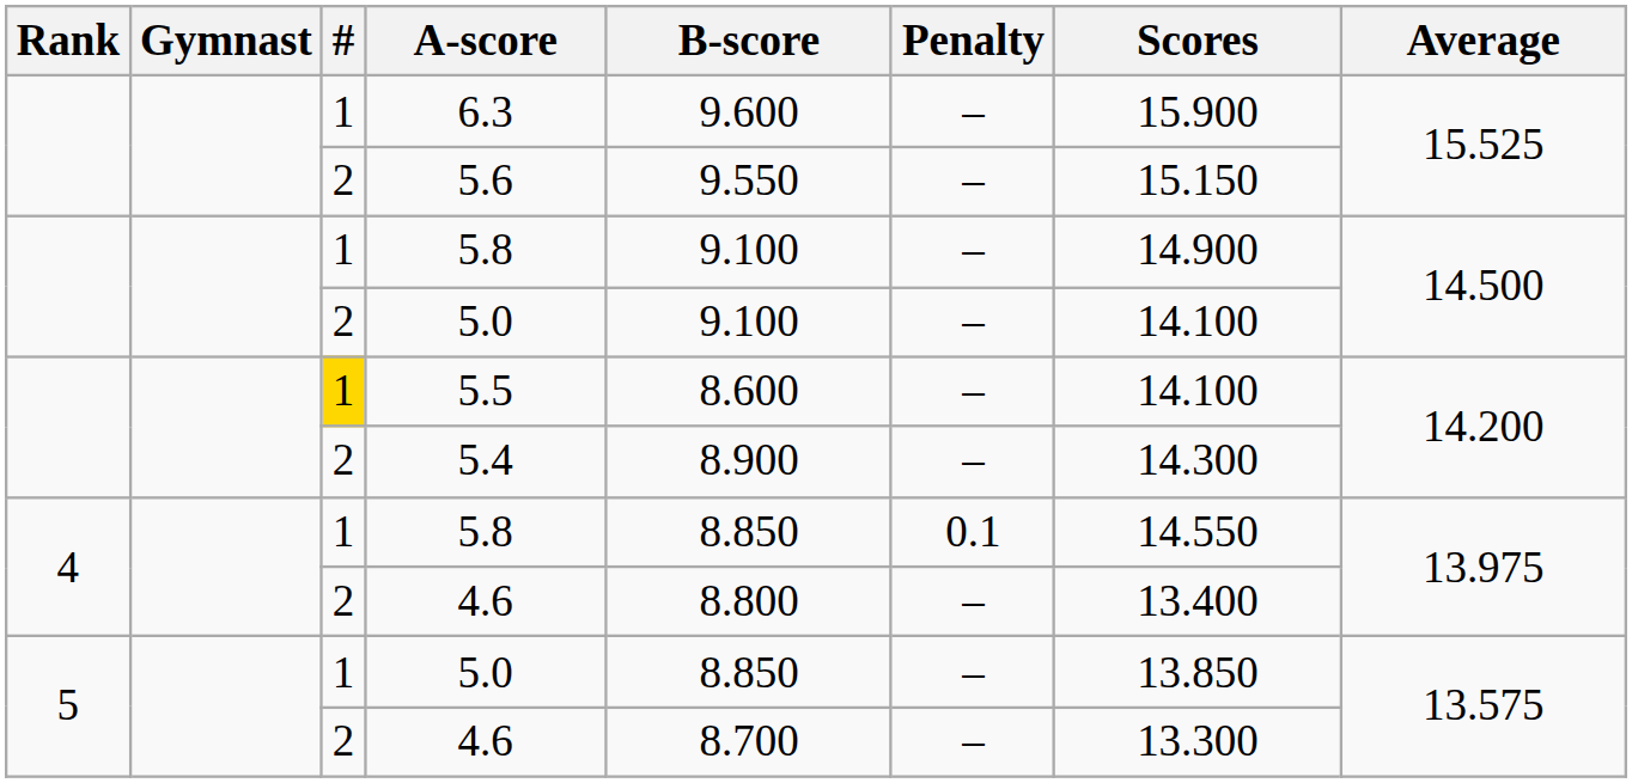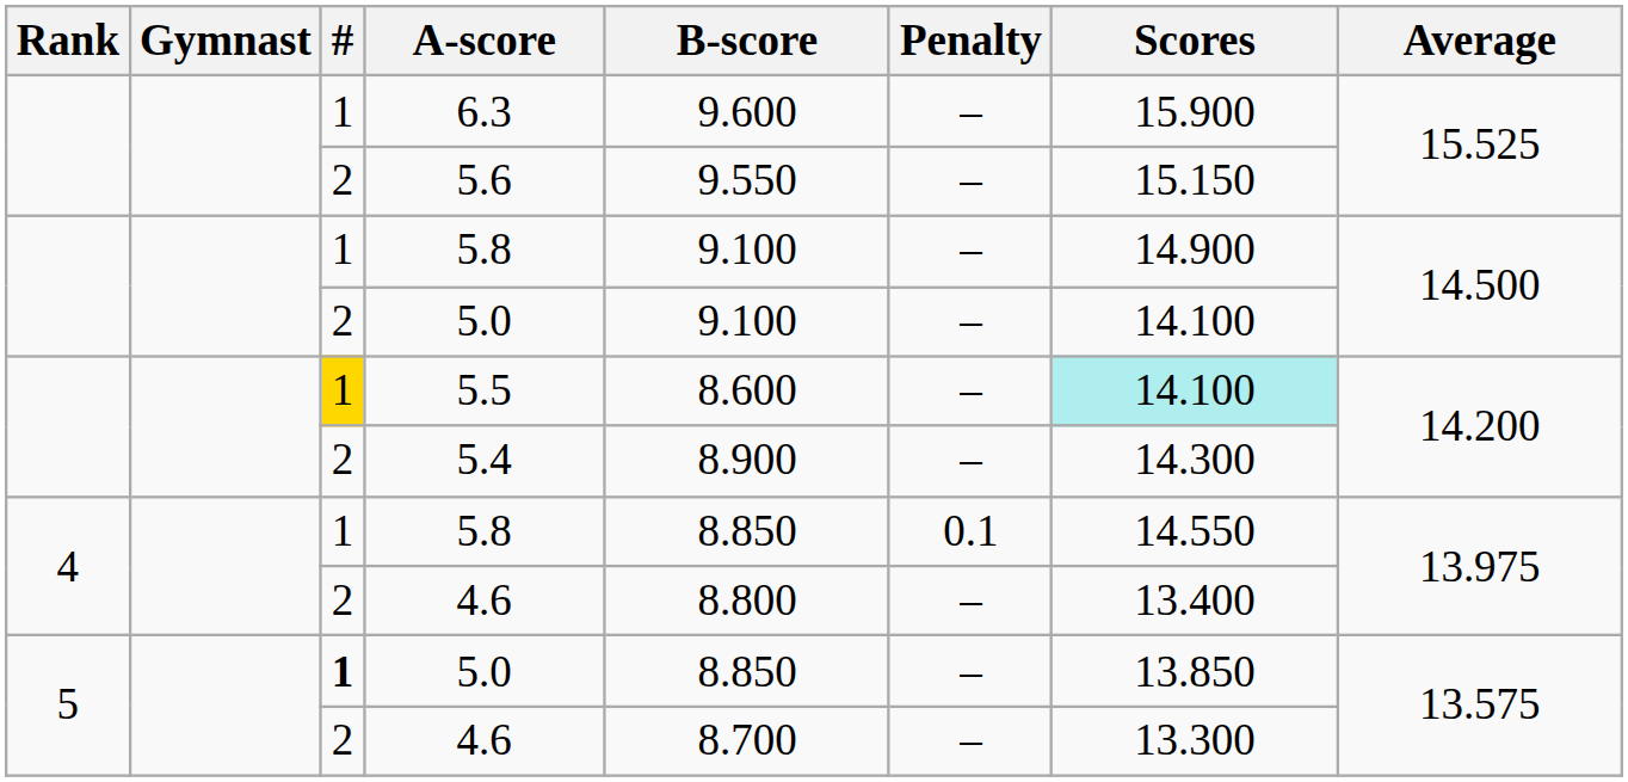 <table class="wikitable" style="text-align:center">
 <tr>
 <th>Rank</th>
 <th>Gymnast</th>
 <th>#</th>
 <th style="width:5em">A-score</th>
 <th style="width:6em">B-score</th>
 <th style="width:3em">Penalty</th>
 <th style="width:6em">Scores</th>
 <th style="width:6em">Average</th>
 </tr>
 <tr>
 <td rowspan=2></td>
 <td rowspan=2 align=left></td>
 <td>1</td>
 <td>6.3</td>
 <td>9.600</td>
 <td>–</td>
 <td>15.900</td>
 <td rowspan=2>15.525</td>
 </tr>
 <tr>
 <td>2</td>
 <td>5.6</td>
 <td>9.550</td>
 <td>–</td>
 <td>15.150</td>
 </tr>
 <tr>
 <td rowspan=2></td>
 <td rowspan=2 align=left></td>
 <td>1</td>
 <td>5.8</td>
 <td>9.100</td>
 <td>–</td>
 <td>14.900</td>
 <td rowspan=2>14.500</td>
 </tr>
 <tr>
 <td>2</td>
 <td>5.0</td>
 <td>9.100</td>
 <td>–</td>
 <td>14.100</td>
 </tr>
 <tr>
 <td rowspan=2></td>
 <td rowspan=2 align=left></td>
 <td style="background: gold;">1</td>
 <td>5.5</td>
 <td>8.600</td>
 <td>–</td>
-<td>14.100</td>
+<td style="background: paleturquoise;">14.100</td>
 <td rowspan=2>14.200</td>
 </tr>
 <tr>
 <td>2</td>
 <td>5.4</td>
 <td>8.900</td>
 <td>–</td>
 <td>14.300</td>
 </tr>
 <tr>
 <td rowspan=2>4</td>
 <td rowspan=2 align=left></td>
 <td>1</td>
 <td>5.8</td>
 <td>8.850</td>
 <td>0.1</td>
 <td>14.550</td>
 <td rowspan=2>13.975</td>
 </tr>
 <tr>
 <td>2</td>
 <td>4.6</td>
 <td>8.800</td>
 <td>–</td>
 <td>13.400</td>
 </tr>
 <tr>
 <td rowspan=2>5</td>
 <td rowspan=2 align=left></td>
-<td>1</td>
+<td><strong>1</strong></td>
 <td>5.0</td>
 <td>8.850</td>
 <td>–</td>
 <td>13.850</td>
 <td rowspan=2>13.575</td>
 </tr>
 <tr>
 <td>2</td>
 <td>4.6</td>
 <td>8.700</td>
 <td>–</td>
 <td>13.300</td>
 </tr>
 </table>
